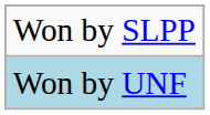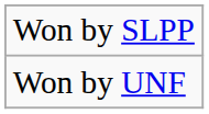 <table class="wikitable">
 <tr>
 <td>Won by <a href='#'>SLPP</a></td>
 </tr>
 <tr>
-<td style="background: lightblue;">Won by <a href='#'>UNF</a></td>
+<td>Won by <a href='#'>UNF</a></td>
 </tr>
 </table>
